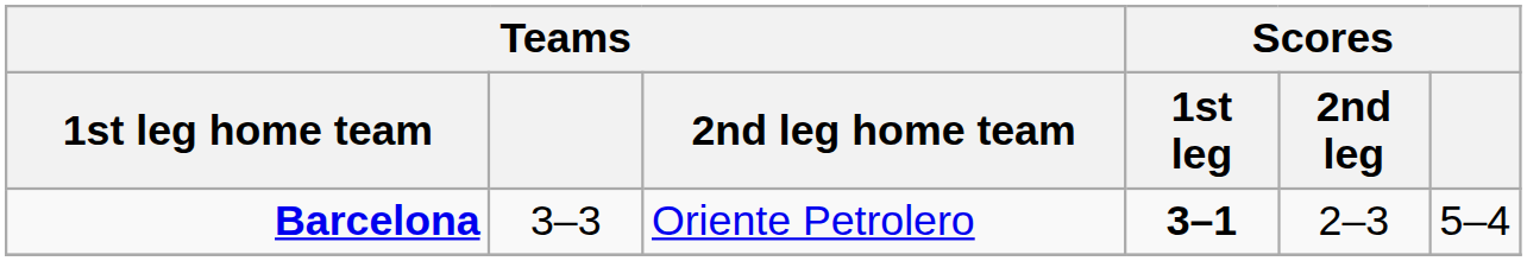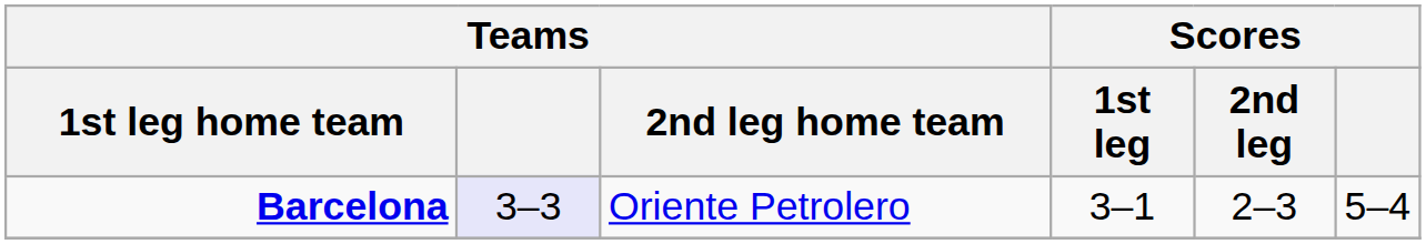 <table class="wikitable" style="text-align: center;">
 <tr>
 <th colspan=3>Teams</th>
 <th colspan=3>Scores</th>
 </tr>
 <tr>
 <th width="175">1st leg home team</th>
 <th width="50"></th>
 <th width="175">2nd leg home team</th>
 <th width="50">1st leg</th>
 <th width="50">2nd leg</th>
 <th></th>
 </tr>
 <tr>
 <td align=right><strong><a href='#'>Barcelona</a></strong> </td>
-<td>3–3</td>
+<td style="background: lavender;">3–3</td>
 <td align=left> <a href='#'>Oriente Petrolero</a></td>
-<td><strong>3–1</strong></td>
+<td>3–1</td>
 <td>2–3</td>
 <td>5–4</td>
 </tr>
 <tr>
 </tr>
 </table>
